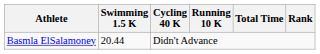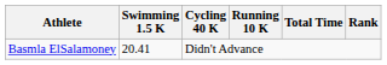 <table class="wikitable">
 <tr>
 <th>Athlete</th>
 <th>Swimming<br>1.5 K</th>
 <th>Cycling<br>40 K</th>
 <th>Running<br>10 K</th>
 <th>Total Time</th>
 <th>Rank</th>
 </tr>
 <tr>
 <td><a href='#'>Basmla ElSalamoney</a></td>
-<td>20.44</td>
+<td>20.41</td>
 <td colspan="4">Didn't Advance</td>
 </tr>
 </table>
